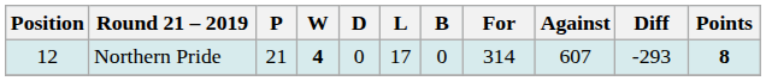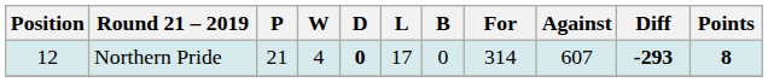 <table class="wikitable" style="text-align:center; font-size:85%;">
 <tr style="background: #d7ebed;">
 <th width="40" abbr="Position">Position</th>
 <th width="100">Round 21 – 2019</th>
 <th width="20" abbr="Played">P</th>
 <th width="20" abbr="Won">W</th>
 <th width="20" abbr="Drawn">D</th>
 <th width="20" abbr="Lost">L</th>
 <th width="20" abbr="Bye">B</th>
 <th width="40" abbr="Points for">For</th>
 <th width="40" abbr="Points against">Against</th>
 <th width="40" abbr="Points difference">Diff</th>
 <th width="40" abbr="Points">Points</th>
 </tr>
 <tr style="background: #d7ebed;">
 <td>12</td>
 <td style="text-align:left;"> Northern Pride</td>
 <td>21</td>
-<td><strong>4</strong></td>
-<td>0</td>
+<td>4</td>
+<td><strong>0</strong></td>
 <td>17</td>
 <td>0</td>
 <td>314</td>
 <td>607</td>
-<td>-293</td>
+<td><strong>-293</strong></td>
 <td><strong>8</strong></td>
 </tr>
 <tr>
 </tr>
 </table>
